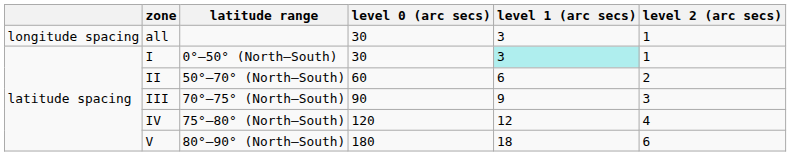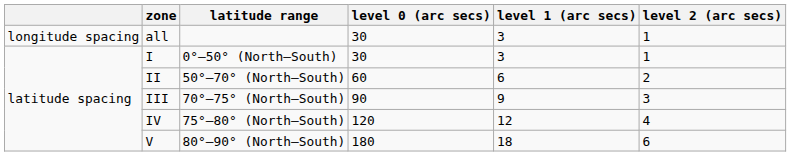 <table class="wikitable">
 <tr>
 <th></th>
 <th>zone</th>
 <th>latitude range</th>
 <th>level 0 (arc secs)</th>
 <th>level 1 (arc secs)</th>
 <th>level 2 (arc secs)</th>
 </tr>
 <tr>
 <td>longitude spacing</td>
 <td>all</td>
 <td></td>
 <td>30</td>
 <td>3</td>
 <td>1</td>
 </tr>
 <tr>
 <td rowspan=5>latitude spacing</td>
 <td>I</td>
 <td>0°–50° (North–South)</td>
 <td>30</td>
-<td style="background: paleturquoise;">3</td>
+<td>3</td>
 <td>1</td>
 </tr>
 <tr>
 <td>II</td>
 <td>50°–70° (North–South)</td>
 <td>60</td>
 <td>6</td>
 <td>2</td>
 </tr>
 <tr>
 <td>III</td>
 <td>70°–75° (North–South)</td>
 <td>90</td>
 <td>9</td>
 <td>3</td>
 </tr>
 <tr>
 <td>IV</td>
 <td>75°–80° (North–South)</td>
 <td>120</td>
 <td>12</td>
 <td>4</td>
 </tr>
 <tr>
 <td>V</td>
 <td>80°–90° (North–South)</td>
 <td>180</td>
 <td>18</td>
 <td>6</td>
 </tr>
 </table>
